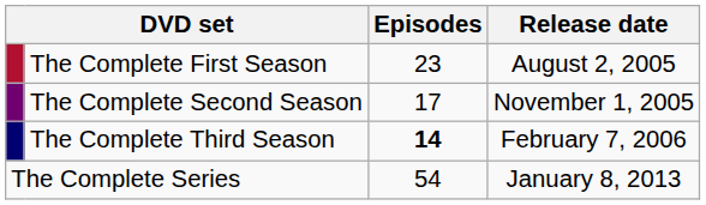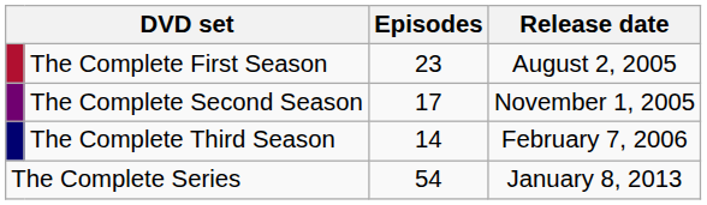 <table class="wikitable" style="text-align:center">
 <tr>
 <th colspan=2>DVD set</th>
 <th>Episodes</th>
 <th>Release date</th>
 </tr>
 <tr>
 <td style="width:5px; background:#B11030"></td>
 <td align="left">The Complete First Season</td>
 <td>23</td>
 <td>August 2, 2005</td>
 </tr>
 <tr>
 <td bgcolor="700070"></td>
 <td align="left">The Complete Second Season</td>
 <td>17</td>
 <td>November 1, 2005</td>
 </tr>
 <tr>
 <td bgcolor="000070"></td>
 <td align="left">The Complete Third Season</td>
-<td><strong>14</strong></td>
+<td>14</td>
 <td>February 7, 2006</td>
 </tr>
 <tr>
 <td colspan=2 align="left">The Complete Series</td>
 <td>54</td>
 <td>January 8, 2013</td>
 </tr>
 </table>
